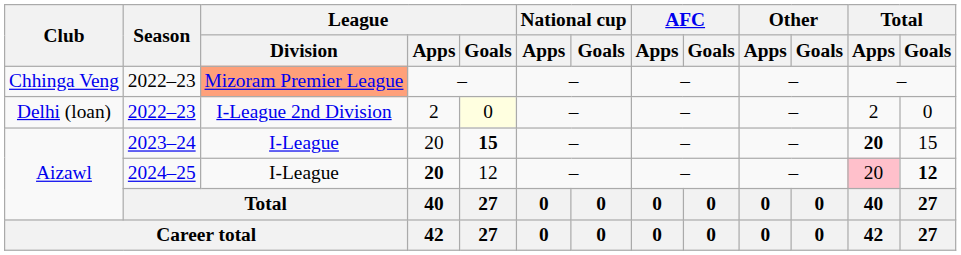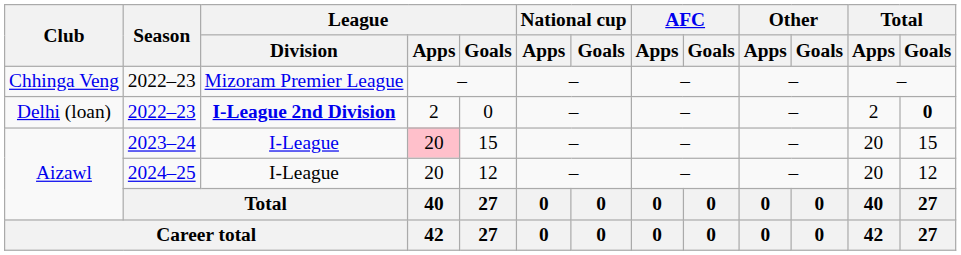 <table class="wikitable" style="text-align: center">
 <tr>
 <th rowspan="2">Club</th>
 <th rowspan="2">Season</th>
 <th colspan="3">League</th>
 <th colspan="2">National cup</th>
 <th colspan="2"><a href='#'>AFC</a></th>
 <th colspan="2">Other</th>
 <th colspan="2">Total</th>
 </tr>
 <tr>
 <th>Division</th>
 <th>Apps</th>
 <th>Goals</th>
 <th>Apps</th>
 <th>Goals</th>
 <th>Apps</th>
 <th>Goals</th>
 <th>Apps</th>
 <th>Goals</th>
 <th>Apps</th>
 <th>Goals</th>
 </tr>
 <tr>
 <td><a href='#'>Chhinga Veng</a></td>
 <td>2022–23</td>
-<td style="background: lightsalmon;"><a href='#'>Mizoram Premier League</a></td>
+<td><a href='#'>Mizoram Premier League</a></td>
 <td colspan="2">–</td>
 <td colspan="2">–</td>
 <td colspan="2">–</td>
 <td colspan="2">–</td>
 <td colspan="2">–</td>
 </tr>
 <tr>
 <td><a href='#'>Delhi</a> (loan)</td>
 <td><a href='#'>2022–23</a></td>
-<td><a href='#'>I-League 2nd Division</a></td>
+<td><strong><a href='#'>I-League 2nd Division</a></strong></td>
 <td>2</td>
-<td style="background: lightyellow;">0</td>
+<td>0</td>
 <td colspan="2">–</td>
 <td colspan="2">–</td>
 <td colspan="2">–</td>
 <td>2</td>
-<td>0</td>
+<td><strong>0</strong></td>
 </tr>
 <tr>
 <td rowspan="3"><a href='#'>Aizawl</a></td>
 <td><a href='#'>2023–24</a></td>
 <td><a href='#'>I-League</a></td>
-<td>20</td>
-<td><strong>15</strong></td>
+<td style="background: pink;">20</td>
+<td>15</td>
 <td colspan="2">–</td>
 <td colspan="2">–</td>
 <td colspan="2">–</td>
-<td><strong>20</strong></td>
+<td>20</td>
 <td>15</td>
 </tr>
 <tr>
 <td><a href='#'>2024–25</a></td>
 <td>I-League</td>
-<td><strong>20</strong></td>
+<td>20</td>
 <td>12</td>
 <td colspan="2">–</td>
 <td colspan="2">–</td>
 <td colspan="2">–</td>
-<td style="background: pink;">20</td>
-<td><strong>12</strong></td>
+<td>20</td>
+<td>12</td>
 </tr>
 <tr>
 <th colspan="2">Total</th>
 <th>40</th>
 <th>27</th>
 <th>0</th>
 <th>0</th>
 <th>0</th>
 <th>0</th>
 <th>0</th>
 <th>0</th>
 <th>40</th>
 <th>27</th>
 </tr>
 <tr>
 <th colspan="3">Career total</th>
 <th>42</th>
 <th>27</th>
 <th>0</th>
 <th>0</th>
 <th>0</th>
 <th>0</th>
 <th>0</th>
 <th>0</th>
 <th>42</th>
 <th>27</th>
 </tr>
 </table>
